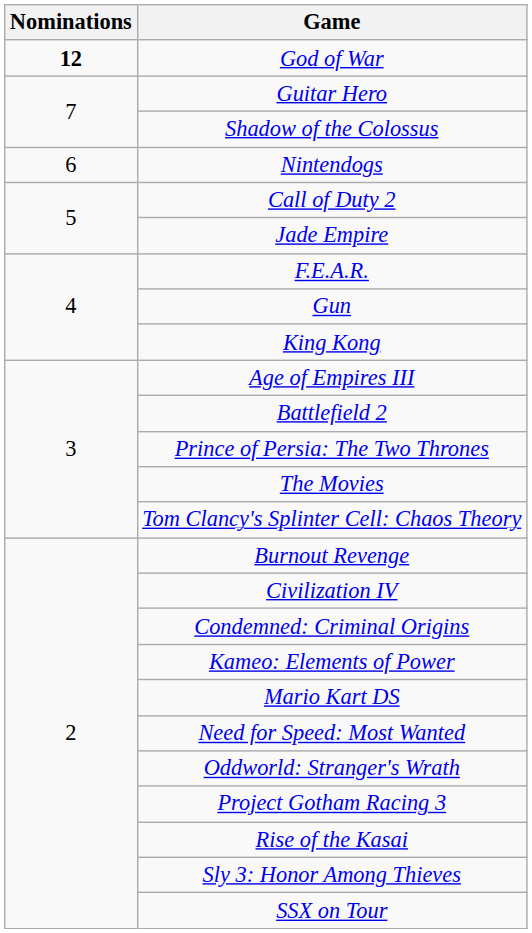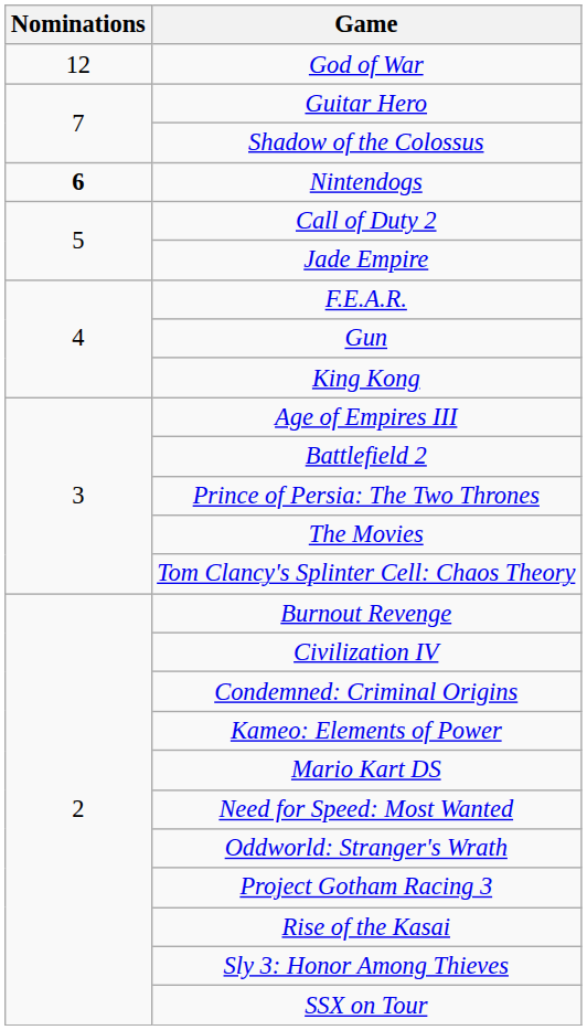 <table class="wikitable floatleft" rowspan="2" style="text-align:center;" background: #f6e39c;>
 <tr>
 <th scope="col">Nominations</th>
 <th scope="col">Game</th>
 </tr>
 <tr>
-<td><strong>12</strong></td>
+<td>12</td>
 <td><em><a href='#'>God of War</a></em></td>
 </tr>
 <tr>
 <td rowspan=2>7</td>
 <td><em><a href='#'>Guitar Hero</a></em></td>
 </tr>
 <tr>
 <td><em><a href='#'>Shadow of the Colossus</a></em></td>
 </tr>
 <tr>
-<td>6</td>
+<td><strong>6</strong></td>
 <td><em><a href='#'>Nintendogs</a></em></td>
 </tr>
 <tr>
 <td rowspan=2>5</td>
 <td><em><a href='#'>Call of Duty 2</a></em></td>
 </tr>
 <tr>
 <td><em><a href='#'>Jade Empire</a></em></td>
 </tr>
 <tr>
 <td rowspan=3>4</td>
 <td><em><a href='#'>F.E.A.R.</a></em></td>
 </tr>
 <tr>
 <td><em><a href='#'>Gun</a></em></td>
 </tr>
 <tr>
 <td><em><a href='#'>King Kong</a></em></td>
 </tr>
 <tr>
 <td rowspan=5>3</td>
 <td><em><a href='#'>Age of Empires III</a></em></td>
 </tr>
 <tr>
 <td><em><a href='#'>Battlefield 2</a></em></td>
 </tr>
 <tr>
 <td><em><a href='#'>Prince of Persia: The Two Thrones</a></em></td>
 </tr>
 <tr>
 <td><em><a href='#'>The Movies</a></em></td>
 </tr>
 <tr>
 <td><em><a href='#'>Tom Clancy's Splinter Cell: Chaos Theory</a></em></td>
 </tr>
 <tr>
 <td rowspan=11>2</td>
 <td><em><a href='#'>Burnout Revenge</a></em></td>
 </tr>
 <tr>
 <td><em><a href='#'>Civilization IV</a></em></td>
 </tr>
 <tr>
 <td><em><a href='#'>Condemned: Criminal Origins</a></em></td>
 </tr>
 <tr>
 <td><em><a href='#'>Kameo: Elements of Power</a></em></td>
 </tr>
 <tr>
 <td><em><a href='#'>Mario Kart DS</a></em></td>
 </tr>
 <tr>
 <td><em><a href='#'>Need for Speed: Most Wanted</a></em></td>
 </tr>
 <tr>
 <td><em><a href='#'>Oddworld: Stranger's Wrath</a></em></td>
 </tr>
 <tr>
 <td><em><a href='#'>Project Gotham Racing 3</a></em></td>
 </tr>
 <tr>
 <td><em><a href='#'>Rise of the Kasai</a></em></td>
 </tr>
 <tr>
 <td><em><a href='#'>Sly 3: Honor Among Thieves</a></em></td>
 </tr>
 <tr>
 <td><em><a href='#'>SSX on Tour</a></em></td>
 </tr>
 </table>
